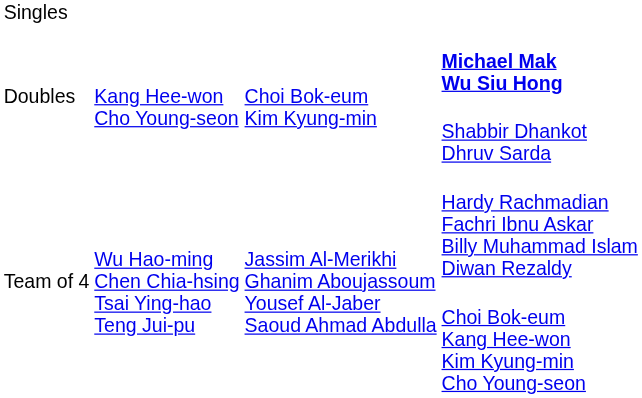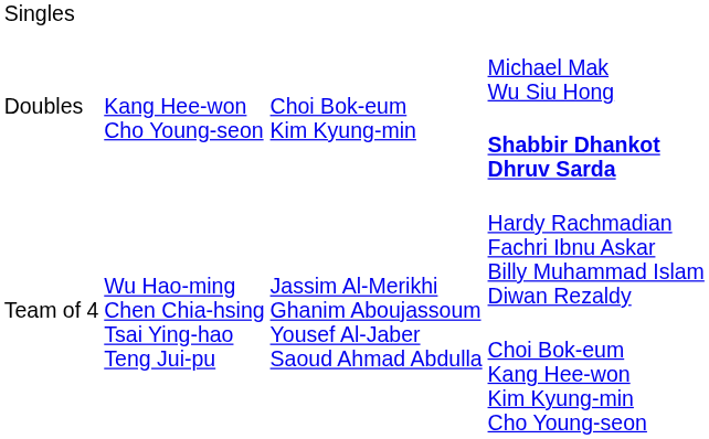 <table>
 <tr>
 <td rowspan=2>Singles</td>
 <td rowspan=2></td>
 <td rowspan=2></td>
 <td></td>
 </tr>
 <tr>
 <td></td>
 </tr>
 <tr>
 <td rowspan=2>Doubles</td>
 <td rowspan=2><br><a href='#'>Kang Hee-won</a><br><a href='#'>Cho Young-seon</a></td>
 <td rowspan=2><br><a href='#'>Choi Bok-eum</a><br><a href='#'>Kim Kyung-min</a></td>
-<td><strong><br><a href='#'>Michael Mak</a><br><a href='#'>Wu Siu Hong</a></strong></td>
+<td><br><a href='#'>Michael Mak</a><br><a href='#'>Wu Siu Hong</a></td>
 </tr>
 <tr>
-<td><br><a href='#'>Shabbir Dhankot</a><br><a href='#'>Dhruv Sarda</a></td>
+<td><strong><br><a href='#'>Shabbir Dhankot</a><br><a href='#'>Dhruv Sarda</a></strong></td>
 </tr>
 <tr>
 <td rowspan=2>Team of 4</td>
 <td rowspan=2><br><a href='#'>Wu Hao-ming</a><br><a href='#'>Chen Chia-hsing</a><br><a href='#'>Tsai Ying-hao</a><br><a href='#'>Teng Jui-pu</a></td>
 <td rowspan=2><br><a href='#'>Jassim Al-Merikhi</a><br><a href='#'>Ghanim Aboujassoum</a><br><a href='#'>Yousef Al-Jaber</a><br><a href='#'>Saoud Ahmad Abdulla</a></td>
 <td><br><a href='#'>Hardy Rachmadian</a><br><a href='#'>Fachri Ibnu Askar</a><br><a href='#'>Billy Muhammad Islam</a><br><a href='#'>Diwan Rezaldy</a></td>
 </tr>
 <tr>
 <td><br><a href='#'>Choi Bok-eum</a><br><a href='#'>Kang Hee-won</a><br><a href='#'>Kim Kyung-min</a><br><a href='#'>Cho Young-seon</a></td>
 </tr>
 </table>
